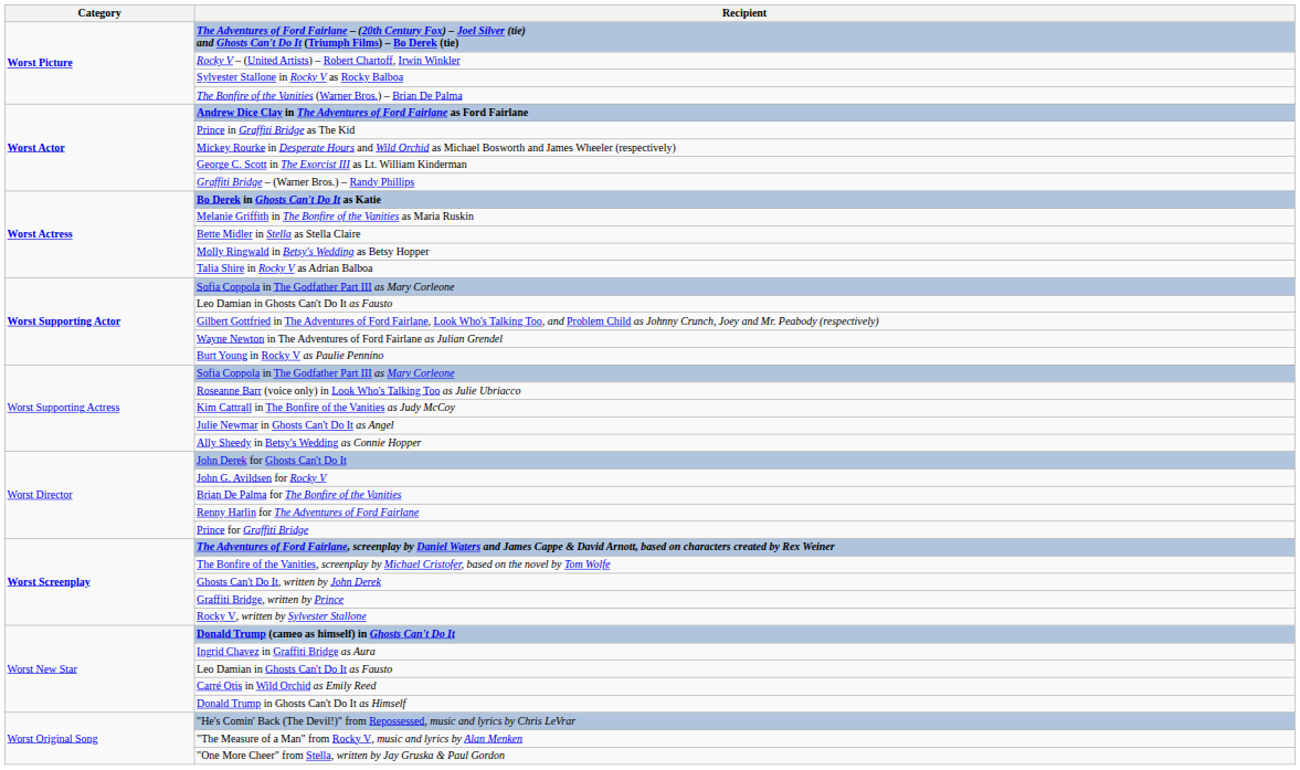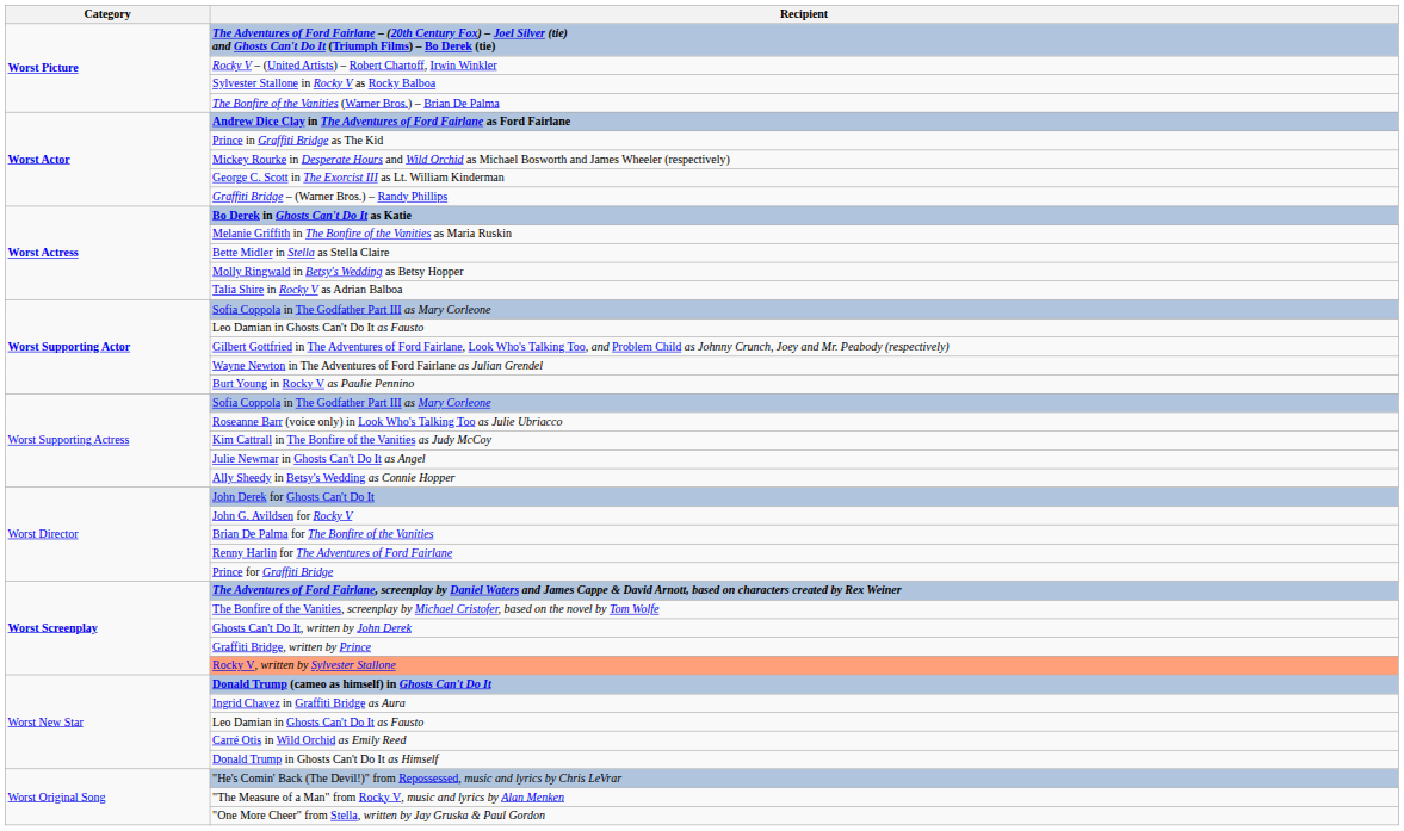 <table class="wikitable" width="95%" align="centre">
 <tr>
 <th>Category</th>
 <th>Recipient</th>
 </tr>
 <tr>
 <td rowspan=4><strong><a href='#'>Worst Picture</a></strong></td>
 <td style="background:#B0C4DE;"><strong><em><a href='#'>The Adventures of Ford Fairlane</a><em> – (<a href='#'>20th Century Fox</a>) – <a href='#'>Joel Silver</a> (tie)<strong><br>and </em></strong><a href='#'>Ghosts Can't Do It</a></em> (<a href='#'>Triumph Films</a>) – <a href='#'>Bo Derek</a> (tie)</strong></td>
 </tr>
 <tr>
 <td><em><a href='#'>Rocky V</a></em> – (<a href='#'>United Artists</a>) – <a href='#'>Robert Chartoff</a>, <a href='#'>Irwin Winkler</a></td>
 </tr>
 <tr>
 <td><a href='#'>Sylvester Stallone</a> in <em><a href='#'>Rocky V</a></em> as <a href='#'>Rocky Balboa</a></td>
 </tr>
 <tr>
 <td><em><a href='#'>The Bonfire of the Vanities</a></em> (<a href='#'>Warner Bros.</a>) – <a href='#'>Brian De Palma</a></td>
 </tr>
 <tr>
 <td rowspan=5><strong><a href='#'>Worst Actor</a></strong></td>
 <td style="background:#B0C4DE;"><strong><a href='#'>Andrew Dice Clay</a> in <em><a href='#'>The Adventures of Ford Fairlane</a></em> as Ford Fairlane</strong></td>
 </tr>
 <tr>
 <td><a href='#'>Prince</a> in <em><a href='#'>Graffiti Bridge</a></em> as The Kid</td>
 </tr>
 <tr>
 <td><a href='#'>Mickey Rourke</a> in <em><a href='#'>Desperate Hours</a></em> and <em><a href='#'>Wild Orchid</a></em> as Michael Bosworth and James Wheeler (respectively)</td>
 </tr>
 <tr>
 <td><a href='#'>George C. Scott</a> in <em><a href='#'>The Exorcist III</a></em> as Lt. William Kinderman</td>
 </tr>
 <tr>
 <td><em><a href='#'>Graffiti Bridge</a></em> – (Warner Bros.) – <a href='#'>Randy Phillips</a></td>
 </tr>
 <tr>
 <td rowspan=5><strong><a href='#'>Worst Actress</a></strong></td>
 <td style="background:#B0C4DE;"><strong><a href='#'>Bo Derek</a> in <em><a href='#'>Ghosts Can't Do It</a></em> as Katie</strong></td>
 </tr>
 <tr>
 <td><a href='#'>Melanie Griffith</a> in <em><a href='#'>The Bonfire of the Vanities</a></em> as Maria Ruskin</td>
 </tr>
 <tr>
 <td><a href='#'>Bette Midler</a> in <em><a href='#'>Stella</a></em> as Stella Claire</td>
 </tr>
 <tr>
 <td><a href='#'>Molly Ringwald</a> in <em><a href='#'>Betsy's Wedding</a></em> as Betsy Hopper</td>
 </tr>
 <tr>
 <td><a href='#'>Talia Shire</a> in <em><a href='#'>Rocky V</a></em> as Adrian Balboa</td>
 </tr>
 <tr>
 <td rowspan=5><strong><a href='#'>Worst Supporting Actor</a></strong></td>
 <td style="background:#B0C4DE;"></strong><a href='#'>Sofia Coppola</a> in </em><a href='#'>The Godfather Part III</a><em> as Mary Corleone<strong></td>
 </tr>
 <tr>
 <td>Leo Damian in </em>Ghosts Can't Do It<em> as Fausto</td>
 </tr>
 <tr>
 <td><a href='#'>Gilbert Gottfried</a> in </em><a href='#'>The Adventures of Ford Fairlane</a><em>, </em><a href='#'>Look Who's Talking Too</a><em>, and </em><a href='#'>Problem Child</a><em> as Johnny Crunch, Joey and Mr. Peabody (respectively)</td>
 </tr>
 <tr>
 <td><a href='#'>Wayne Newton</a> in </em>The Adventures of Ford Fairlane<em> as Julian Grendel</td>
 </tr>
 <tr>
 <td><a href='#'>Burt Young</a> in </em><a href='#'>Rocky V</a><em> as Paulie Pennino</td>
 </tr>
 <tr>
 <td rowspan=5></strong><a href='#'>Worst Supporting Actress</a><strong></td>
 <td style="background:#B0C4DE;"></strong><a href='#'>Sofia Coppola</a> in </em><a href='#'>The Godfather Part III</a><em> as <a href='#'>Mary Corleone</a><strong></td>
 </tr>
 <tr>
 <td><a href='#'>Roseanne Barr</a> (voice only) in </em><a href='#'>Look Who's Talking Too</a><em> as Julie Ubriacco</td>
 </tr>
 <tr>
 <td><a href='#'>Kim Cattrall</a> in </em><a href='#'>The Bonfire of the Vanities</a><em> as Judy McCoy</td>
 </tr>
 <tr>
 <td><a href='#'>Julie Newmar</a> in </em><a href='#'>Ghosts Can't Do It</a><em> as Angel</td>
 </tr>
 <tr>
 <td><a href='#'>Ally Sheedy</a> in </em><a href='#'>Betsy's Wedding</a><em> as Connie Hopper</td>
 </tr>
 <tr>
 <td rowspan=5></strong><a href='#'>Worst Director</a><strong></td>
 <td style="background:#B0C4DE;"></strong><a href='#'>John Derek</a> for </em><a href='#'>Ghosts Can't Do It</a></em></strong></td>
 </tr>
 <tr>
 <td><a href='#'>John G. Avildsen</a> for <em><a href='#'>Rocky V</a></em></td>
 </tr>
 <tr>
 <td><a href='#'>Brian De Palma</a> for <em><a href='#'>The Bonfire of the Vanities</a></em></td>
 </tr>
 <tr>
 <td><a href='#'>Renny Harlin</a> for <em><a href='#'>The Adventures of Ford Fairlane</a></em></td>
 </tr>
 <tr>
 <td><a href='#'>Prince</a> for <em><a href='#'>Graffiti Bridge</a></em></td>
 </tr>
 <tr>
 <td rowspan=5><strong><a href='#'>Worst Screenplay</a></strong></td>
 <td style="background:#B0C4DE;"><strong><em><a href='#'>The Adventures of Ford Fairlane</a><em>, screenplay by <a href='#'>Daniel Waters</a> and James Cappe & David Arnott, based on characters created by Rex Weiner<strong></td>
 </tr>
 <tr>
 <td></em><a href='#'>The Bonfire of the Vanities</a><em>, screenplay by <a href='#'>Michael Cristofer</a>, based on the novel by <a href='#'>Tom Wolfe</a></td>
 </tr>
 <tr>
 <td></em><a href='#'>Ghosts Can't Do It</a><em>, written by <a href='#'>John Derek</a></td>
 </tr>
 <tr>
 <td></em><a href='#'>Graffiti Bridge</a><em>, written by <a href='#'>Prince</a></td>
 </tr>
 <tr>
-<td></em><a href='#'>Rocky V</a><em>, written by <a href='#'>Sylvester Stallone</a></td>
+<td style="background: lightsalmon;"></em><a href='#'>Rocky V</a><em>, written by <a href='#'>Sylvester Stallone</a></td>
 </tr>
 <tr>
 <td rowspan=5></strong><a href='#'>Worst New Star</a><strong></td>
 <td style="background:#B0C4DE;"><strong><a href='#'>Donald Trump</a> (cameo as himself) in <em><a href='#'>Ghosts Can't Do It</a><strong><em></td>
 </tr>
 <tr>
 <td><a href='#'>Ingrid Chavez</a> in </em><a href='#'>Graffiti Bridge</a><em> as Aura</td>
 </tr>
 <tr>
 <td>Leo Damian in </em><a href='#'>Ghosts Can't Do It</a><em> as Fausto</td>
 </tr>
 <tr>
 <td><a href='#'>Carré Otis</a> in </em><a href='#'>Wild Orchid</a><em> as Emily Reed</td>
 </tr>
 <tr>
 <td><a href='#'>Donald Trump</a> in </em>Ghosts Can't Do It<em> as Himself</td>
 </tr>
 <tr>
 <td rowspan=3></strong><a href='#'>Worst Original Song</a><strong></td>
 <td style="background:#B0C4DE;"></strong>"He's Comin' Back (The Devil!)" from </em><a href='#'>Repossessed</a><em>, music and lyrics by Chris LeVrar<strong></td>
 </tr>
 <tr>
 <td>"The Measure of a Man" from </em><a href='#'>Rocky V</a><em>, music and lyrics by <a href='#'>Alan Menken</a></td>
 </tr>
 <tr>
 <td>"One More Cheer" from </em><a href='#'>Stella</a><em>, written by Jay Gruska & Paul Gordon</td>
 </tr>
 </table>
